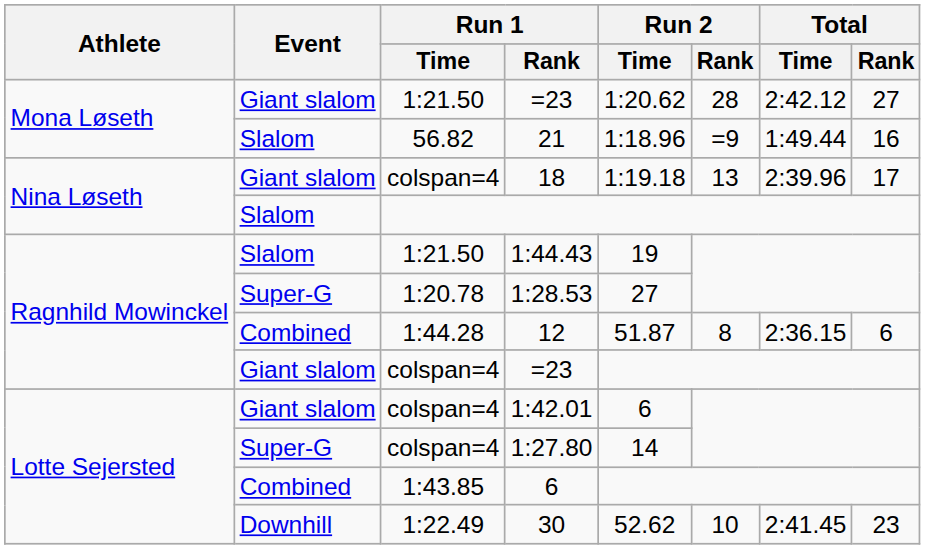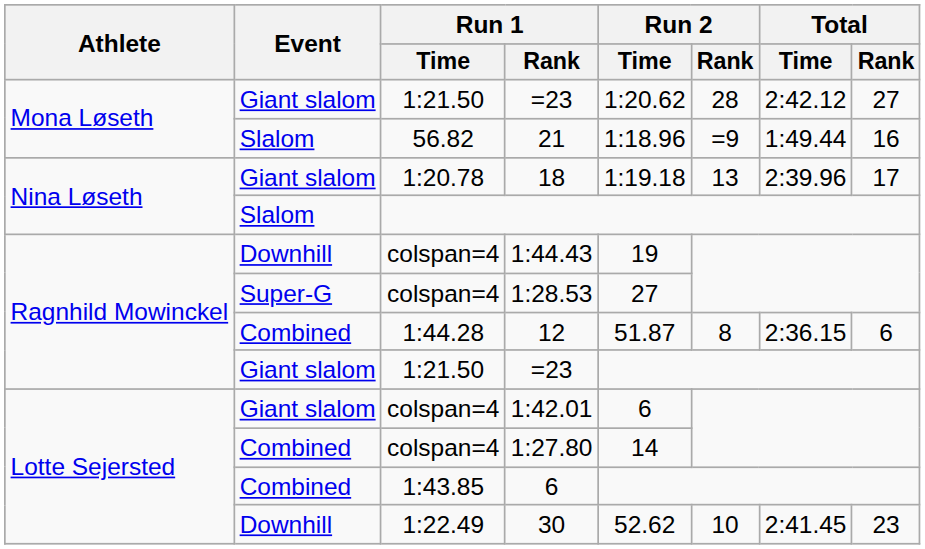 <table class="wikitable" style="font-size:90%">
 <tr>
 <th rowspan=2>Athlete</th>
 <th rowspan=2>Event</th>
 <th colspan=2>Run 1</th>
 <th colspan=2>Run 2</th>
 <th colspan=2>Total</th>
 </tr>
 <tr style="font-size:95%">
 <th>Time</th>
 <th>Rank</th>
 <th>Time</th>
 <th>Rank</th>
 <th>Time</th>
 <th>Rank</th>
 </tr>
 <tr align=center>
 <td align=left rowspan=2><a href='#'>Mona Løseth</a></td>
 <td align=left><a href='#'>Giant slalom</a></td>
 <td>1:21.50</td>
 <td>=23</td>
 <td>1:20.62</td>
 <td>28</td>
 <td>2:42.12</td>
 <td>27</td>
 </tr>
 <tr align=center>
 <td align=left><a href='#'>Slalom</a></td>
 <td>56.82</td>
 <td>21</td>
 <td>1:18.96</td>
 <td>=9</td>
 <td>1:49.44</td>
 <td>16</td>
 </tr>
 <tr align=center>
 <td align=left rowspan=2><a href='#'>Nina Løseth</a></td>
 <td align=left><a href='#'>Giant slalom</a></td>
-<td>colspan=4 </td>
+<td>1:20.78</td>
 <td>18</td>
 <td>1:19.18</td>
 <td>13</td>
 <td>2:39.96</td>
 <td>17</td>
 </tr>
 <tr align=center>
 <td align=left><a href='#'>Slalom</a></td>
 <td colspan=6></td>
 </tr>
 <tr align=center>
 <td align=left rowspan=4><a href='#'>Ragnhild Mowinckel</a></td>
-<td align=left><a href='#'>Slalom</a></td>
-<td>1:21.50</td>
+<td align=left><a href='#'>Downhill</a></td>
+<td>colspan=4 </td>
 <td>1:44.43</td>
 <td>19</td>
 </tr>
 <tr align=center>
 <td align=left><a href='#'>Super-G</a></td>
-<td>1:20.78</td>
+<td>colspan=4 </td>
 <td>1:28.53</td>
 <td>27</td>
 </tr>
 <tr align=center>
 <td align=left><a href='#'>Combined</a></td>
 <td>1:44.28</td>
 <td>12</td>
 <td>51.87</td>
 <td>8</td>
 <td>2:36.15</td>
 <td>6</td>
 </tr>
 <tr align=center>
 <td align=left><a href='#'>Giant slalom</a></td>
-<td>colspan=4 </td>
+<td>1:21.50</td>
 <td>=23</td>
 <td colspan=4></td>
 </tr>
 <tr align=center>
 <td align=left rowspan=4><a href='#'>Lotte Sejersted</a></td>
 <td align=left><a href='#'>Giant slalom</a></td>
 <td>colspan=4 </td>
 <td>1:42.01</td>
 <td>6</td>
 </tr>
 <tr align=center>
-<td align=left><a href='#'>Super-G</a></td>
+<td align=left><a href='#'>Combined</a></td>
 <td>colspan=4 </td>
 <td>1:27.80</td>
 <td>14</td>
 </tr>
 <tr align=center>
 <td align=left><a href='#'>Combined</a></td>
 <td>1:43.85</td>
 <td>6</td>
 <td colspan=4></td>
 </tr>
 <tr align=center>
 <td align=left><a href='#'>Downhill</a></td>
 <td>1:22.49</td>
 <td>30</td>
 <td>52.62</td>
 <td>10</td>
 <td>2:41.45</td>
 <td>23</td>
 </tr>
 </table>
